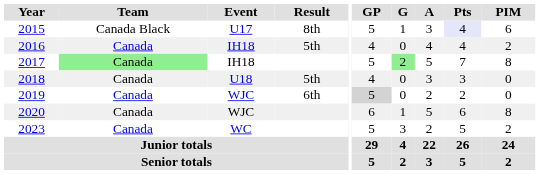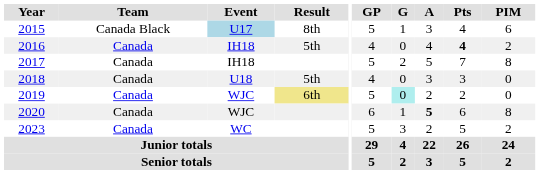 <table border="0" cellpadding="1" cellspacing="0" ID="Table3" style="text-align:center; width:40em">
 <tr bgcolor="#e0e0e0">
 <th>Year</th>
 <th>Team</th>
 <th>Event</th>
 <th>Result</th>
 <th rowspan="98" bgcolor="#ffffff"></th>
 <th>GP</th>
 <th>G</th>
 <th>A</th>
 <th>Pts</th>
 <th>PIM</th>
 </tr>
 <tr>
 <td><a href='#'>2015</a></td>
 <td>Canada Black</td>
-<td><a href='#'>U17</a></td>
+<td style="background: lightblue;"><a href='#'>U17</a></td>
 <td>8th</td>
 <td>5</td>
 <td>1</td>
 <td>3</td>
-<td style="background: lavender;">4</td>
+<td>4</td>
 <td>6</td>
 </tr>
 <tr bgcolor="#f0f0f0">
 <td><a href='#'>2016</a></td>
 <td><a href='#'>Canada</a></td>
 <td><a href='#'>IH18</a></td>
 <td>5th</td>
 <td>4</td>
 <td>0</td>
 <td>4</td>
-<td>4</td>
+<td><strong>4</strong></td>
 <td>2</td>
 </tr>
 <tr>
 <td><a href='#'>2017</a></td>
-<td style="background: lightgreen;">Canada</td>
+<td>Canada</td>
 <td>IH18</td>
 <td></td>
 <td>5</td>
-<td style="background: lightgreen;">2</td>
+<td>2</td>
 <td>5</td>
 <td>7</td>
 <td>8</td>
 </tr>
 <tr bgcolor="#f0f0f0">
 <td><a href='#'>2018</a></td>
 <td>Canada</td>
 <td><a href='#'>U18</a></td>
 <td>5th</td>
 <td>4</td>
 <td>0</td>
 <td>3</td>
 <td>3</td>
 <td>0</td>
 </tr>
 <tr>
 <td><a href='#'>2019</a></td>
 <td><a href='#'>Canada</a></td>
 <td><a href='#'>WJC</a></td>
-<td>6th</td>
-<td style="background: lightgrey;">5</td>
-<td>0</td>
+<td style="background: khaki;">6th</td>
+<td>5</td>
+<td style="background: paleturquoise;">0</td>
 <td>2</td>
 <td>2</td>
 <td>0</td>
 </tr>
 <tr bgcolor="#f0f0f0">
 <td><a href='#'>2020</a></td>
 <td>Canada</td>
 <td>WJC</td>
 <td></td>
 <td>6</td>
 <td>1</td>
-<td>5</td>
+<td><strong>5</strong></td>
 <td>6</td>
 <td>8</td>
 </tr>
 <tr>
 <td><a href='#'>2023</a></td>
 <td><a href='#'>Canada</a></td>
 <td><a href='#'>WC</a></td>
 <td></td>
 <td>5</td>
 <td>3</td>
 <td>2</td>
 <td>5</td>
 <td>2</td>
 </tr>
 <tr bgcolor="#e0e0e0">
 <th colspan="4">Junior totals</th>
 <th>29</th>
 <th>4</th>
 <th>22</th>
 <th>26</th>
 <th>24</th>
 </tr>
 <tr bgcolor="#e0e0e0">
 <th colspan="4">Senior totals</th>
 <th>5</th>
 <th>2</th>
 <th>3</th>
 <th>5</th>
 <th>2</th>
 </tr>
 </table>
